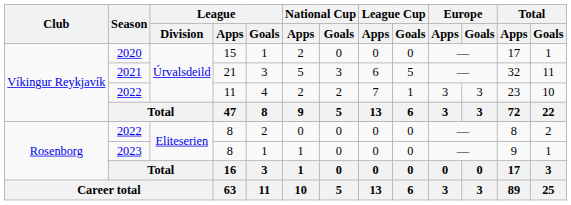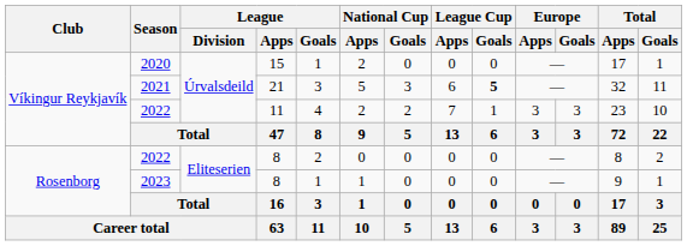 <table class="wikitable" style="text-align: center;">
 <tr>
 <th rowspan="2">Club</th>
 <th rowspan="2">Season</th>
 <th colspan="3">League</th>
 <th colspan="2">National Cup</th>
 <th colspan="2">League Cup</th>
 <th colspan="2">Europe</th>
 <th colspan="2">Total</th>
 </tr>
 <tr>
 <th>Division</th>
 <th>Apps</th>
 <th>Goals</th>
 <th>Apps</th>
 <th>Goals</th>
 <th>Apps</th>
 <th>Goals</th>
 <th>Apps</th>
 <th>Goals</th>
 <th>Apps</th>
 <th>Goals</th>
 </tr>
 <tr>
 <td rowspan="4"><a href='#'>Víkingur Reykjavík</a></td>
 <td><a href='#'>2020</a></td>
 <td rowspan="3"><a href='#'>Úrvalsdeild</a></td>
 <td>15</td>
 <td>1</td>
 <td>2</td>
 <td>0</td>
 <td>0</td>
 <td>0</td>
 <td colspan="2">―</td>
 <td>17</td>
 <td>1</td>
 </tr>
 <tr>
 <td><a href='#'>2021</a></td>
 <td>21</td>
 <td>3</td>
 <td>5</td>
 <td>3</td>
 <td>6</td>
-<td>5</td>
+<td><strong>5</strong></td>
 <td colspan="2">―</td>
 <td>32</td>
 <td>11</td>
 </tr>
 <tr>
 <td><a href='#'>2022</a></td>
 <td>11</td>
 <td>4</td>
 <td>2</td>
 <td>2</td>
 <td>7</td>
 <td>1</td>
 <td>3</td>
 <td>3</td>
 <td>23</td>
 <td>10</td>
 </tr>
 <tr>
 <th colspan="2">Total</th>
 <th>47</th>
 <th>8</th>
 <th>9</th>
 <th>5</th>
 <th>13</th>
 <th>6</th>
 <th>3</th>
 <th>3</th>
 <th>72</th>
 <th>22</th>
 </tr>
 <tr>
 <td rowspan="3"><a href='#'>Rosenborg</a></td>
 <td><a href='#'>2022</a></td>
 <td rowspan="2"><a href='#'>Eliteserien</a></td>
 <td>8</td>
 <td>2</td>
 <td>0</td>
 <td>0</td>
 <td>0</td>
 <td>0</td>
 <td colspan="2">―</td>
 <td>8</td>
 <td>2</td>
 </tr>
 <tr>
 <td><a href='#'>2023</a></td>
 <td>8</td>
 <td>1</td>
 <td>1</td>
 <td>0</td>
 <td>0</td>
 <td>0</td>
 <td colspan="2">―</td>
 <td>9</td>
 <td>1</td>
 </tr>
 <tr>
 <th colspan="2">Total</th>
 <th>16</th>
 <th>3</th>
 <th>1</th>
 <th>0</th>
 <th>0</th>
 <th>0</th>
 <th>0</th>
 <th>0</th>
 <th>17</th>
 <th>3</th>
 </tr>
 <tr>
 <th colspan="3">Career total</th>
 <th>63</th>
 <th>11</th>
 <th>10</th>
 <th>5</th>
 <th>13</th>
 <th>6</th>
 <th>3</th>
 <th>3</th>
 <th>89</th>
 <th>25</th>
 </tr>
 </table>
